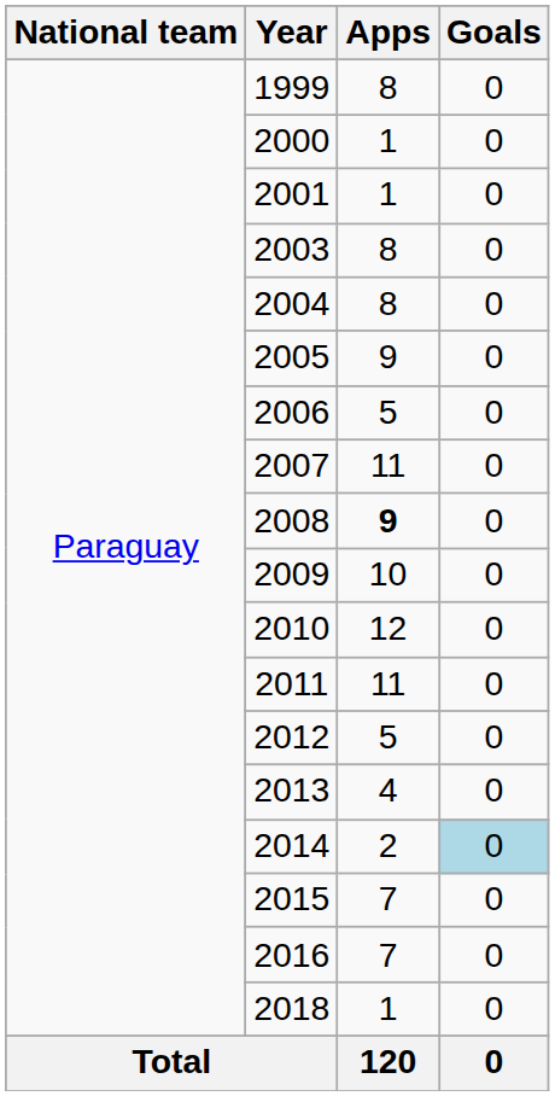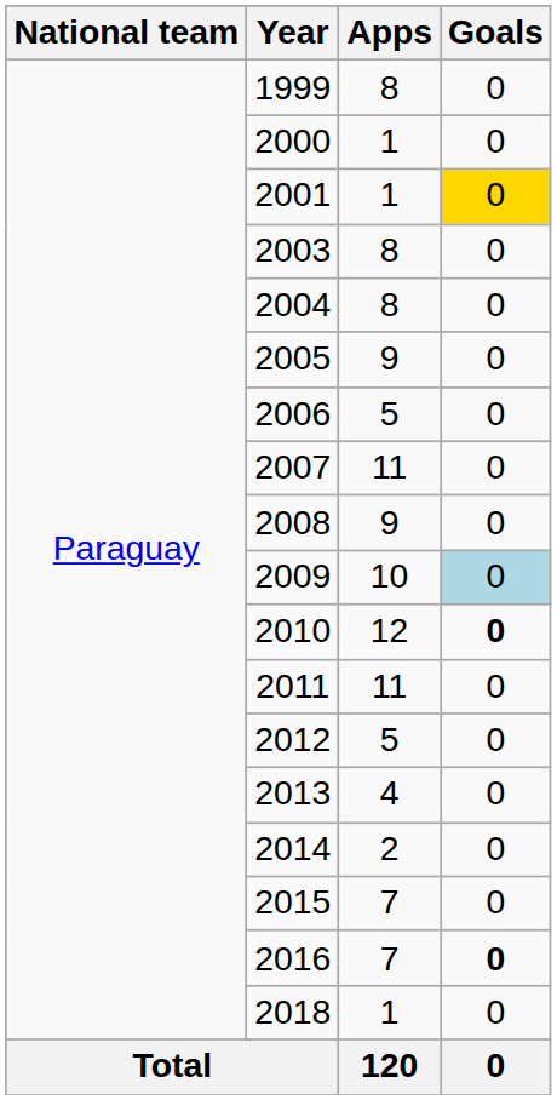 <table class="wikitable" style="text-align:center">
 <tr>
 <th>National team</th>
 <th>Year</th>
 <th>Apps</th>
 <th>Goals</th>
 </tr>
 <tr>
 <td rowspan="18"><a href='#'>Paraguay</a></td>
 <td>1999</td>
 <td>8</td>
 <td>0</td>
 </tr>
 <tr>
 <td>2000</td>
 <td>1</td>
 <td>0</td>
 </tr>
 <tr>
 <td>2001</td>
 <td>1</td>
-<td>0</td>
+<td style="background: gold;">0</td>
 </tr>
 <tr>
 <td>2003</td>
 <td>8</td>
 <td>0</td>
 </tr>
 <tr>
 <td>2004</td>
 <td>8</td>
 <td>0</td>
 </tr>
 <tr>
 <td>2005</td>
 <td>9</td>
 <td>0</td>
 </tr>
 <tr>
 <td>2006</td>
 <td>5</td>
 <td>0</td>
 </tr>
 <tr>
 <td>2007</td>
 <td>11</td>
 <td>0</td>
 </tr>
 <tr>
 <td>2008</td>
-<td><strong>9</strong></td>
+<td>9</td>
 <td>0</td>
 </tr>
 <tr>
 <td>2009</td>
 <td>10</td>
-<td>0</td>
+<td style="background: lightblue;">0</td>
 </tr>
 <tr>
 <td>2010</td>
 <td>12</td>
-<td>0</td>
+<td><strong>0</strong></td>
 </tr>
 <tr>
 <td>2011</td>
 <td>11</td>
 <td>0</td>
 </tr>
 <tr>
 <td>2012</td>
 <td>5</td>
 <td>0</td>
 </tr>
 <tr>
 <td>2013</td>
 <td>4</td>
 <td>0</td>
 </tr>
 <tr>
 <td>2014</td>
 <td>2</td>
-<td style="background: lightblue;">0</td>
+<td>0</td>
 </tr>
 <tr>
 <td>2015</td>
 <td>7</td>
 <td>0</td>
 </tr>
 <tr>
 <td>2016</td>
 <td>7</td>
-<td>0</td>
+<td><strong>0</strong></td>
 </tr>
 <tr>
 <td>2018</td>
 <td>1</td>
 <td>0</td>
 </tr>
 <tr>
 <th colspan="2">Total</th>
 <th>120</th>
 <th>0</th>
 </tr>
 </table>
